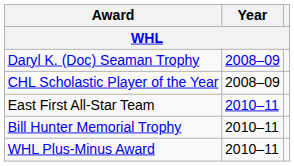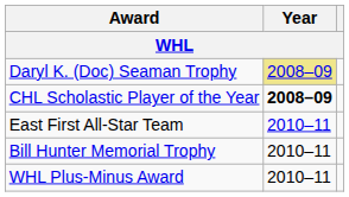 <table class="wikitable">
 <tr>
 <th>Award</th>
 <th>Year</th>
 <th></th>
 </tr>
 <tr>
 <th colspan="3"><a href='#'>WHL</a></th>
 </tr>
 <tr>
 <td><a href='#'>Daryl K. (Doc) Seaman Trophy</a></td>
-<td><a href='#'>2008–09</a></td>
+<td style="background: khaki;"><a href='#'>2008–09</a></td>
 <td></td>
 </tr>
 <tr>
 <td><a href='#'>CHL Scholastic Player of the Year</a></td>
-<td>2008–09</td>
+<td><strong>2008–09</strong></td>
 <td></td>
 </tr>
 <tr>
 <td>East First All-Star Team</td>
 <td><a href='#'>2010–11</a></td>
 <td></td>
 </tr>
 <tr>
 <td><a href='#'>Bill Hunter Memorial Trophy</a></td>
 <td>2010–11</td>
 <td></td>
 </tr>
 <tr>
 <td><a href='#'>WHL Plus-Minus Award</a></td>
 <td>2010–11</td>
 <td></td>
 </tr>
 </table>
